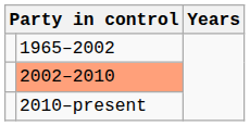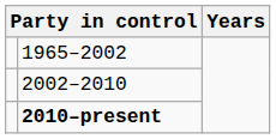 <table class="wikitable">
 <tr>
 <th colspan=2>Party in control</th>
 <th>Years</th>
 </tr>
 <tr>
 <td></td>
 <td>1965–2002</td>
 </tr>
 <tr>
 <td></td>
-<td style="background: lightsalmon;">2002–2010</td>
+<td>2002–2010</td>
 </tr>
 <tr>
 <td></td>
-<td>2010–present</td>
+<td><strong>2010–present</strong></td>
 </tr>
 </table>
